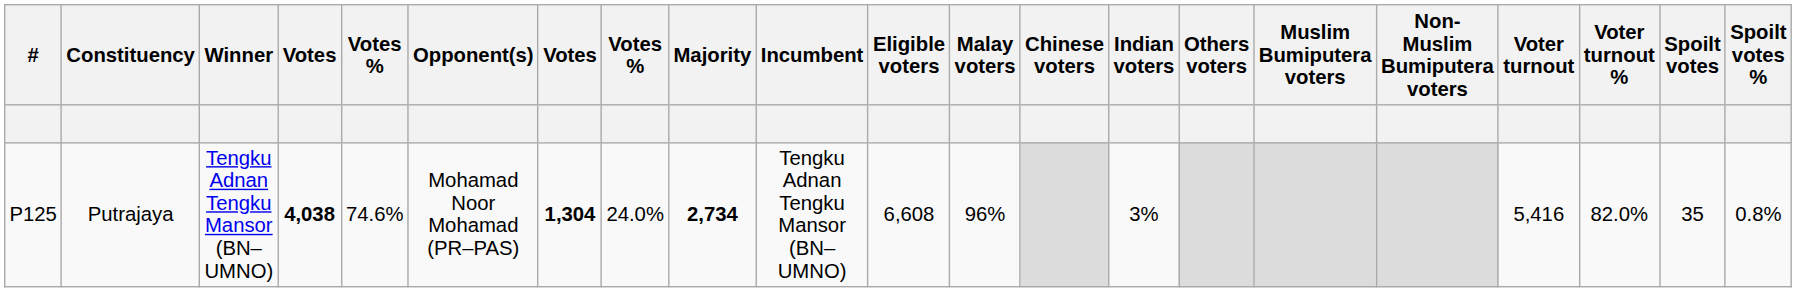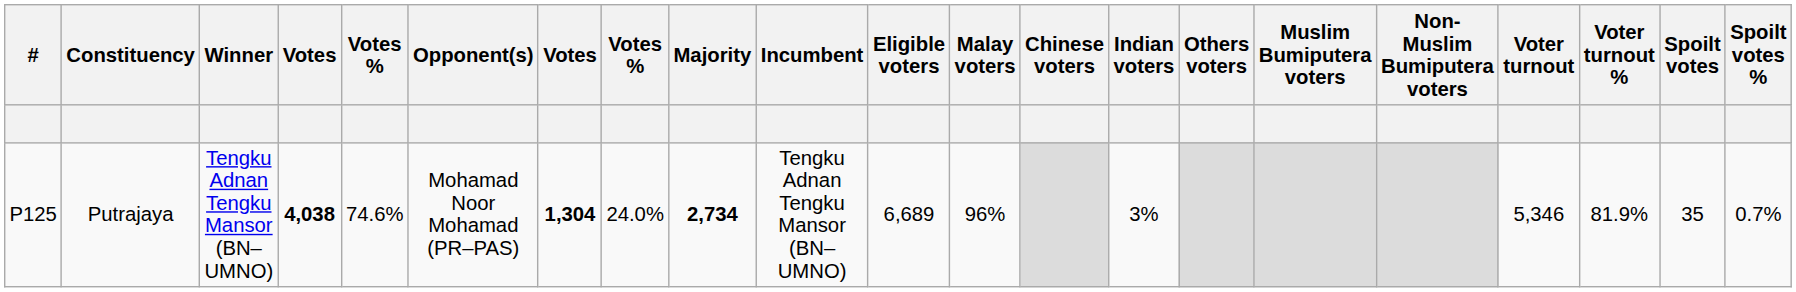 <table class="wikitable sortable" style="text-align:center; font-size:90%">
 <tr>
 <th width="30">#</th>
 <th width="60">Constituency</th>
 <th width="150">Winner</th>
 <th width="50">Votes</th>
 <th width="50">Votes %</th>
 <th width="150">Opponent(s)</th>
 <th width="50">Votes</th>
 <th width="50">Votes %</th>
 <th width="50">Majority</th>
 <th width="150">Incumbent</th>
 <th width="50">Eligible voters</th>
 <th width="50">Malay voters</th>
 <th width="50">Chinese voters</th>
 <th width="50">Indian voters</th>
 <th width="50">Others voters</th>
 <th width="50">Muslim Bumiputera voters</th>
 <th width="50">Non-Muslim Bumiputera voters</th>
 <th width="50">Voter turnout</th>
 <th width="50">Voter turnout %</th>
 <th width="50">Spoilt votes</th>
 <th width="50">Spoilt votes %</th>
 </tr>
 <tr>
 <th height="20"></th>
 <th></th>
 <th></th>
 <th></th>
 <th></th>
 <th></th>
 <th></th>
 <th></th>
 <th></th>
 <th></th>
 <th></th>
 <th></th>
 <th></th>
 <th></th>
 <th></th>
 <th></th>
 <th></th>
 <th></th>
 <th></th>
 <th></th>
 <th></th>
 </tr>
 <tr>
 <td>P125</td>
 <td>Putrajaya</td>
 <td><a href='#'>Tengku Adnan Tengku Mansor</a><br>(BN–UMNO)</td>
 <td><strong>4,038</strong></td>
 <td>74.6%</td>
 <td>Mohamad Noor Mohamad<br>(PR–PAS)</td>
 <td><strong>1,304</strong></td>
 <td>24.0%</td>
 <td><strong>2,734</strong></td>
 <td>Tengku Adnan Tengku Mansor<br>(BN–UMNO)</td>
-<td>6,608</td>
+<td>6,689</td>
 <td>96%</td>
 <td bgcolor="dcdcdc"></td>
 <td>3%</td>
 <td bgcolor="dcdcdc"></td>
 <td bgcolor="dcdcdc"></td>
 <td bgcolor="dcdcdc"></td>
-<td>5,416</td>
-<td>82.0%</td>
+<td>5,346</td>
+<td>81.9%</td>
 <td>35</td>
-<td>0.8%</td>
+<td>0.7%</td>
 </tr>
 </table>
